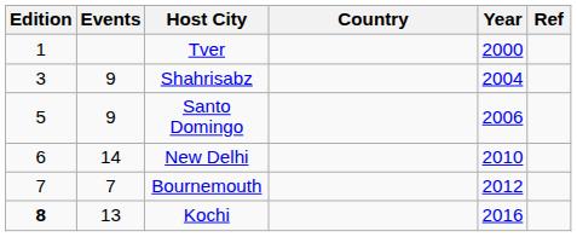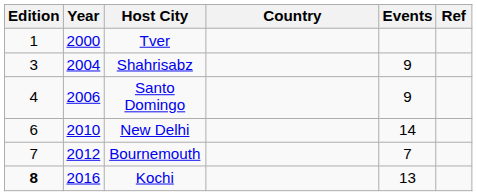 <table class="wikitable" style="text-align:center">
 <tr>
 <th width=30>Edition</th>
-<th width=30>Events</th>
+<th width=30>Year</th>
 <th width=100>Host City</th>
 <th width=175>Country</th>
-<th width=30>Year</th>
+<th width=30>Events</th>
 <th width=30>Ref</th>
 </tr>
 <tr>
 <td>1</td>
-<td></td>
+<td><a href='#'>2000</a></td>
 <td><a href='#'>Tver</a></td>
 <td align="left"></td>
-<td><a href='#'>2000</a></td>
+<td></td>
 <td></td>
 </tr>
 <tr>
 <td>3</td>
-<td>9</td>
+<td><a href='#'>2004</a></td>
 <td><a href='#'>Shahrisabz</a></td>
 <td align="left"></td>
-<td><a href='#'>2004</a></td>
+<td>9</td>
 <td></td>
 </tr>
 <tr>
-<td>5</td>
-<td>9</td>
+<td>4</td>
+<td><a href='#'>2006</a></td>
 <td><a href='#'>Santo Domingo</a></td>
 <td align="left"></td>
-<td><a href='#'>2006</a></td>
+<td>9</td>
 <td></td>
 </tr>
 <tr>
 <td>6</td>
-<td>14</td>
+<td><a href='#'>2010</a></td>
 <td><a href='#'>New Delhi</a></td>
 <td align="left"></td>
-<td><a href='#'>2010</a></td>
+<td>14</td>
 <td></td>
 </tr>
 <tr>
 <td>7</td>
-<td>7</td>
+<td><a href='#'>2012</a></td>
 <td><a href='#'>Bournemouth</a></td>
 <td align="left"></td>
-<td><a href='#'>2012</a></td>
+<td>7</td>
 <td></td>
 </tr>
 <tr>
 <td><strong>8</strong></td>
-<td>13</td>
+<td><a href='#'>2016</a></td>
 <td><a href='#'>Kochi</a></td>
 <td align="left"></td>
-<td><a href='#'>2016</a></td>
+<td>13</td>
 <td></td>
 </tr>
 </table>
